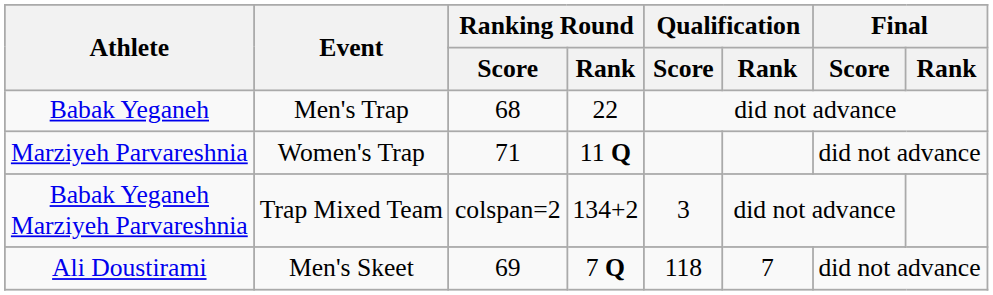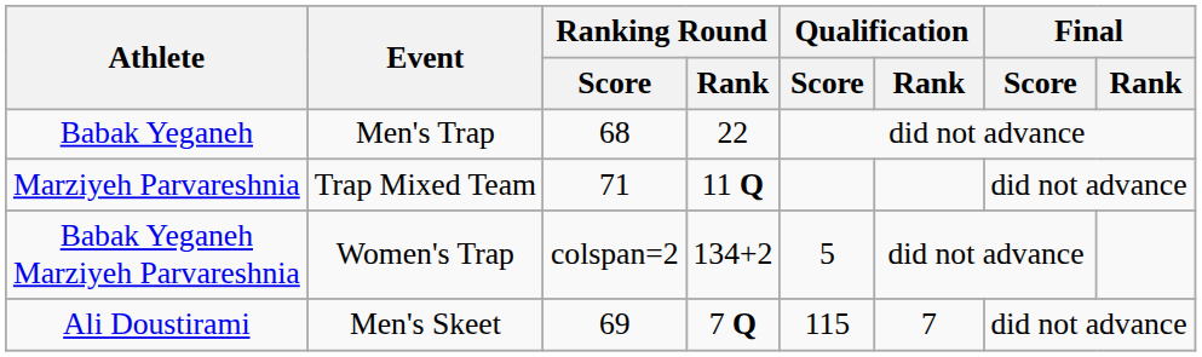 <table class="wikitable" style="font-size:90%">
 <tr>
 <th rowspan="2">Athlete</th>
 <th rowspan="2">Event</th>
 <th colspan=2>Ranking Round</th>
 <th colspan=2>Qualification</th>
 <th colspan=2>Final</th>
 </tr>
 <tr>
 <th>Score</th>
 <th>Rank</th>
 <th>Score</th>
 <th>Rank</th>
 <th>Score</th>
 <th>Rank</th>
 </tr>
 <tr align=center>
 <td><a href='#'>Babak Yeganeh</a></td>
 <td>Men's Trap</td>
 <td>68</td>
 <td>22</td>
 <td colspan=4>did not advance</td>
 </tr>
 <tr align=center>
 <td><a href='#'>Marziyeh Parvareshnia</a></td>
-<td>Women's Trap</td>
+<td>Trap Mixed Team</td>
 <td>71</td>
 <td>11 <strong>Q</strong></td>
 <td></td>
 <td></td>
 <td colspan=2>did not advance</td>
 </tr>
 <tr align=center>
 <td><a href='#'>Babak Yeganeh</a><br><a href='#'>Marziyeh Parvareshnia</a></td>
-<td>Trap Mixed Team</td>
+<td>Women's Trap</td>
 <td>colspan=2 </td>
 <td>134+2</td>
-<td>3</td>
+<td>5</td>
 <td colspan=2>did not advance</td>
 </tr>
 <tr align=center>
 <td><a href='#'>Ali Doustirami</a></td>
 <td>Men's Skeet</td>
 <td>69</td>
 <td>7 <strong>Q</strong></td>
-<td>118</td>
+<td>115</td>
 <td>7</td>
 <td colspan=2>did not advance</td>
 </tr>
 </table>
